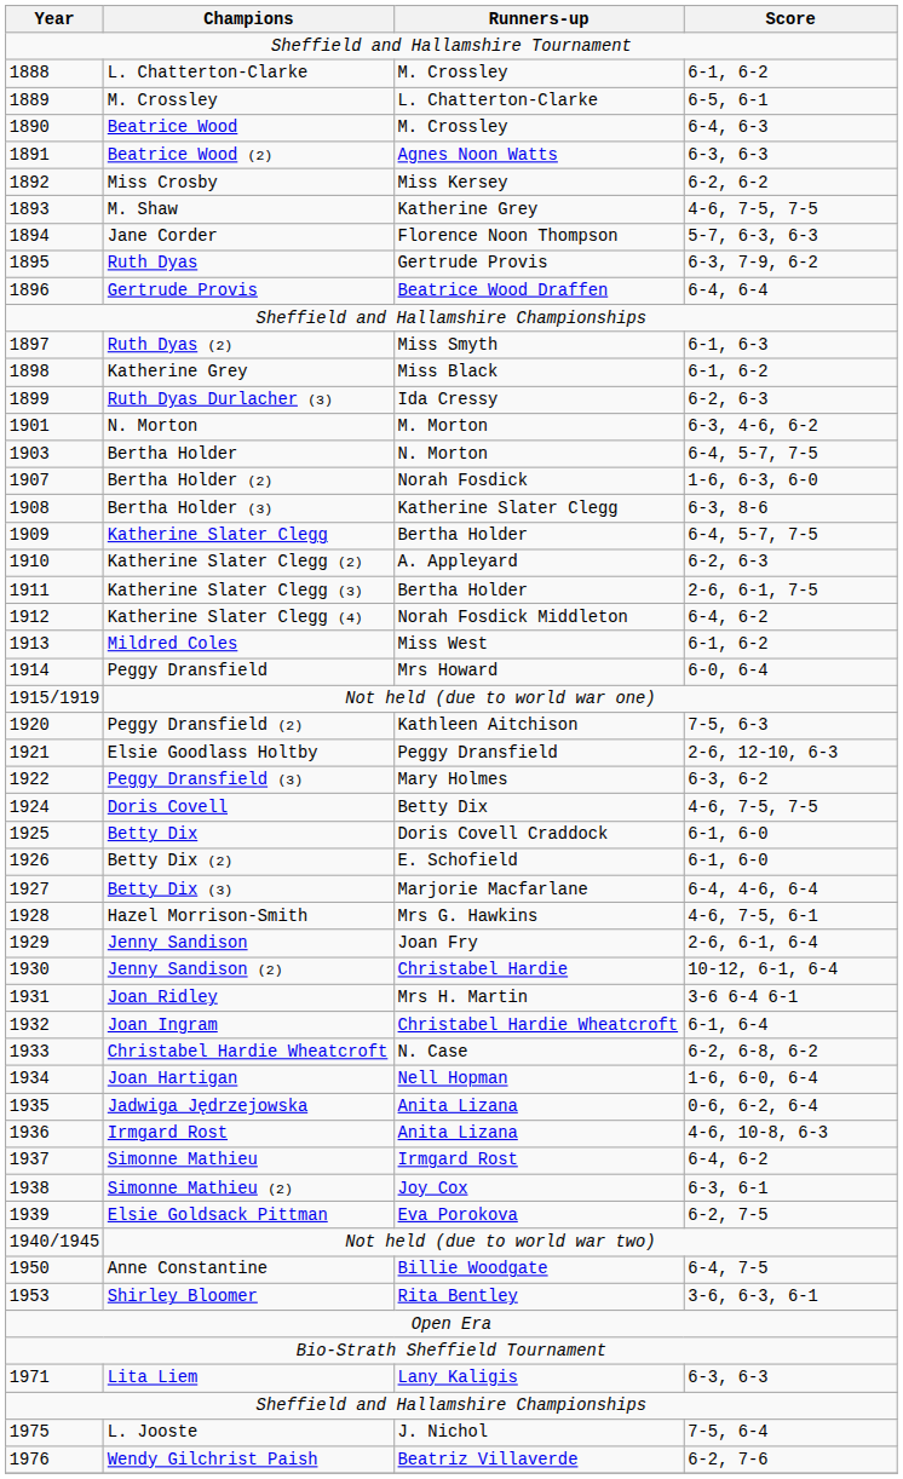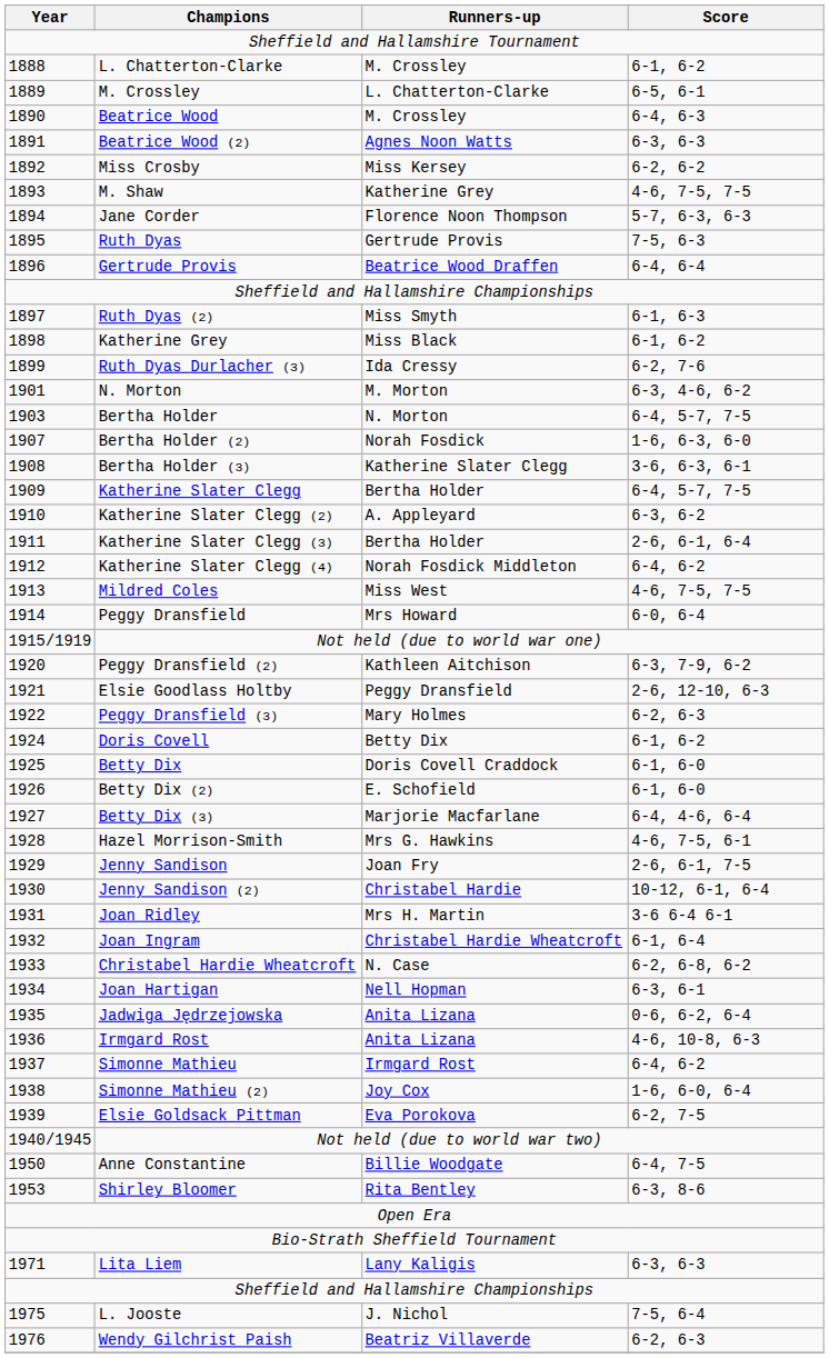 <table class="wikitable">
 <tr>
 <th style="width:60px;">Year</th>
 <th style="width:220px;">Champions</th>
 <th style="width:220px;">Runners-up</th>
 <th style="width:160px;">Score</th>
 </tr>
 <tr>
 <td colspan=4 align=center><em>Sheffield and Hallamshire Tournament</em></td>
 </tr>
 <tr>
 <td>1888</td>
 <td> L. Chatterton-Clarke</td>
 <td>  M. Crossley</td>
 <td>6-1, 6-2</td>
 </tr>
 <tr>
 <td>1889</td>
 <td> M. Crossley</td>
 <td> L. Chatterton-Clarke</td>
 <td>6-5, 6-1</td>
 </tr>
 <tr>
 <td>1890</td>
 <td> <a href='#'>Beatrice Wood</a></td>
 <td> M. Crossley</td>
 <td>6-4, 6-3</td>
 </tr>
 <tr>
 <td>1891</td>
 <td> <a href='#'>Beatrice Wood</a> <small>(2)</small></td>
 <td>  <a href='#'>Agnes Noon Watts</a></td>
 <td>6-3, 6-3</td>
 </tr>
 <tr>
 <td>1892</td>
 <td> Miss Crosby</td>
 <td> Miss Kersey</td>
 <td>6-2, 6-2</td>
 </tr>
 <tr>
 <td>1893</td>
 <td> M. Shaw</td>
 <td> Katherine Grey</td>
 <td>4-6, 7-5, 7-5</td>
 </tr>
 <tr>
 <td>1894</td>
 <td> Jane Corder</td>
 <td> Florence Noon Thompson</td>
 <td>5-7, 6-3, 6-3</td>
 </tr>
 <tr>
 <td>1895</td>
 <td> <a href='#'>Ruth Dyas</a></td>
 <td> Gertrude Provis</td>
-<td>6-3, 7-9, 6-2</td>
+<td>7-5, 6-3</td>
 </tr>
 <tr>
 <td>1896</td>
 <td> <a href='#'>Gertrude Provis</a></td>
 <td> <a href='#'>Beatrice Wood Draffen</a></td>
 <td>6-4, 6-4</td>
 </tr>
 <tr>
 <td colspan=4 align=center><em>Sheffield and Hallamshire Championships</em></td>
 </tr>
 <tr>
 <td>1897</td>
 <td> <a href='#'>Ruth Dyas</a> <small>(2)</small></td>
 <td> Miss Smyth</td>
 <td>6-1, 6-3</td>
 </tr>
 <tr>
 <td>1898</td>
 <td> Katherine Grey</td>
 <td> Miss Black</td>
 <td>6-1, 6-2</td>
 </tr>
 <tr>
 <td>1899</td>
 <td> <a href='#'>Ruth Dyas Durlacher</a> <small>(3)</small></td>
 <td> Ida Cressy</td>
-<td>6-2, 6-3</td>
+<td>6-2, 7-6</td>
 </tr>
 <tr>
 <td>1901</td>
 <td> N. Morton</td>
 <td>  M. Morton</td>
 <td>6-3, 4-6, 6-2</td>
 </tr>
 <tr>
 <td>1903</td>
 <td> Bertha Holder</td>
 <td> N. Morton</td>
 <td>6-4, 5-7, 7-5</td>
 </tr>
 <tr>
 <td>1907</td>
 <td> Bertha Holder <small>(2)</small></td>
 <td> Norah Fosdick</td>
 <td>1-6, 6-3, 6-0</td>
 </tr>
 <tr>
 <td>1908</td>
 <td> Bertha Holder <small>(3)</small></td>
 <td> Katherine Slater Clegg</td>
-<td>6-3, 8-6</td>
+<td>3-6, 6-3, 6-1</td>
 </tr>
 <tr>
 <td>1909</td>
 <td> <a href='#'>Katherine Slater Clegg</a></td>
 <td> Bertha Holder</td>
 <td>6-4, 5-7, 7-5</td>
 </tr>
 <tr>
 <td>1910</td>
 <td> Katherine Slater Clegg <small>(2)</small></td>
 <td> A. Appleyard</td>
-<td>6-2, 6-3</td>
+<td>6-3, 6-2</td>
 </tr>
 <tr>
 <td>1911</td>
 <td> Katherine Slater Clegg <small>(3)</small></td>
 <td> Bertha Holder</td>
-<td>2-6, 6-1, 7-5</td>
+<td>2-6, 6-1, 6-4</td>
 </tr>
 <tr>
 <td>1912</td>
 <td> Katherine Slater Clegg <small>(4)</small></td>
 <td> Norah Fosdick Middleton</td>
 <td>6-4, 6-2</td>
 </tr>
 <tr>
 <td>1913</td>
 <td> <a href='#'>Mildred Coles</a></td>
 <td> Miss West</td>
-<td>6-1, 6-2</td>
+<td>4-6, 7-5, 7-5</td>
 </tr>
 <tr>
 <td>1914</td>
 <td> Peggy Dransfield</td>
 <td>  Mrs Howard</td>
 <td>6-0, 6-4</td>
 </tr>
 <tr>
 <td>1915/1919</td>
 <td colspan=3 align=center><em>Not held (due to world war one)</em></td>
 </tr>
 <tr>
 <td>1920</td>
 <td> Peggy Dransfield <small>(2)</small></td>
 <td> Kathleen Aitchison</td>
-<td>7-5, 6-3</td>
+<td>6-3, 7-9, 6-2</td>
 </tr>
 <tr>
 <td>1921</td>
 <td> Elsie Goodlass Holtby</td>
 <td> Peggy Dransfield</td>
 <td>2-6, 12-10, 6-3</td>
 </tr>
 <tr>
 <td>1922</td>
 <td> <a href='#'>Peggy Dransfield</a> <small>(3)</small></td>
 <td> Mary Holmes</td>
-<td>6-3, 6-2</td>
+<td>6-2, 6-3</td>
 </tr>
 <tr>
 <td>1924</td>
 <td> <a href='#'>Doris Covell</a></td>
 <td> Betty Dix</td>
-<td>4-6, 7-5, 7-5</td>
+<td>6-1, 6-2</td>
 </tr>
 <tr>
 <td>1925</td>
 <td> <a href='#'>Betty Dix</a></td>
 <td> Doris Covell Craddock</td>
 <td>6-1, 6-0</td>
 </tr>
 <tr>
 <td>1926</td>
 <td> Betty Dix <small>(2)</small></td>
 <td> E. Schofield</td>
 <td>6-1, 6-0</td>
 </tr>
 <tr>
 <td>1927</td>
 <td> <a href='#'>Betty Dix</a> <small>(3)</small></td>
 <td> Marjorie Macfarlane</td>
 <td>6-4, 4-6, 6-4</td>
 </tr>
 <tr>
 <td>1928</td>
 <td> Hazel Morrison-Smith</td>
 <td> Mrs G. Hawkins</td>
 <td>4-6, 7-5, 6-1</td>
 </tr>
 <tr>
 <td>1929</td>
 <td> <a href='#'>Jenny Sandison</a></td>
 <td>  Joan Fry</td>
-<td>2-6, 6-1, 6-4</td>
+<td>2-6, 6-1, 7-5</td>
 </tr>
 <tr>
 <td>1930</td>
 <td> <a href='#'>Jenny Sandison</a> <small>(2)</small></td>
 <td>  <a href='#'>Christabel Hardie</a></td>
 <td>10-12, 6-1, 6-4</td>
 </tr>
 <tr>
 <td>1931</td>
 <td> <a href='#'>Joan Ridley</a></td>
 <td>  Mrs H. Martin</td>
 <td>3-6 6-4 6-1</td>
 </tr>
 <tr>
 <td>1932</td>
 <td> <a href='#'>Joan Ingram</a></td>
 <td>  <a href='#'>Christabel Hardie Wheatcroft</a></td>
 <td>6-1, 6-4</td>
 </tr>
 <tr>
 <td>1933</td>
 <td> <a href='#'>Christabel Hardie Wheatcroft</a></td>
 <td> N. Case</td>
 <td>6-2, 6-8, 6-2</td>
 </tr>
 <tr>
 <td>1934</td>
 <td> <a href='#'>Joan Hartigan</a></td>
 <td> <a href='#'>Nell Hopman</a></td>
-<td>1-6, 6-0, 6-4</td>
+<td>6-3, 6-1</td>
 </tr>
 <tr>
 <td>1935</td>
 <td> <a href='#'>Jadwiga Jędrzejowska</a></td>
 <td>  <a href='#'>Anita Lizana</a></td>
 <td>0-6, 6-2, 6-4</td>
 </tr>
 <tr>
 <td>1936</td>
 <td> <a href='#'>Irmgard Rost</a></td>
 <td> <a href='#'>Anita Lizana</a></td>
 <td>4-6, 10-8, 6-3</td>
 </tr>
 <tr>
 <td>1937</td>
 <td> <a href='#'>Simonne Mathieu</a></td>
 <td> <a href='#'>Irmgard Rost</a></td>
 <td>6-4, 6-2</td>
 </tr>
 <tr>
 <td>1938</td>
 <td> <a href='#'>Simonne Mathieu</a> <small>(2)</small></td>
 <td>  <a href='#'>Joy Cox</a></td>
-<td>6-3, 6-1</td>
+<td>1-6, 6-0, 6-4</td>
 </tr>
 <tr>
 <td>1939</td>
 <td>  <a href='#'>Elsie Goldsack Pittman</a></td>
 <td> <a href='#'>Eva Porokova</a></td>
 <td>6-2, 7-5</td>
 </tr>
 <tr>
 <td>1940/1945</td>
 <td colspan=3 align=center><em>Not held (due to world war two)</em></td>
 </tr>
 <tr>
 <td>1950</td>
 <td> Anne Constantine</td>
 <td> <a href='#'>Billie Woodgate</a></td>
 <td>6-4, 7-5</td>
 </tr>
 <tr>
 <td>1953</td>
 <td> <a href='#'>Shirley Bloomer</a></td>
 <td> <a href='#'>Rita Bentley</a></td>
-<td>3-6, 6-3, 6-1</td>
+<td>6-3, 8-6</td>
 </tr>
 <tr>
 <td colspan=4 align=center><em>Open Era</em></td>
 </tr>
 <tr>
 <td colspan=4 align=center><em>Bio-Strath Sheffield Tournament</em></td>
 </tr>
 <tr>
 <td>1971</td>
 <td> <a href='#'>Lita Liem</a></td>
 <td> <a href='#'>Lany Kaligis</a></td>
 <td>6-3, 6-3</td>
 </tr>
 <tr>
 <td colspan=4 align=center><em>Sheffield and Hallamshire Championships</em></td>
 </tr>
 <tr>
 <td>1975</td>
 <td> L. Jooste</td>
 <td> J. Nichol</td>
 <td>7-5, 6-4</td>
 </tr>
 <tr>
 <td>1976</td>
 <td> <a href='#'>Wendy Gilchrist Paish</a></td>
 <td> <a href='#'>Beatriz Villaverde</a></td>
-<td>6-2, 7-6</td>
+<td>6-2, 6-3</td>
 </tr>
 <tr>
 </tr>
 </table>
